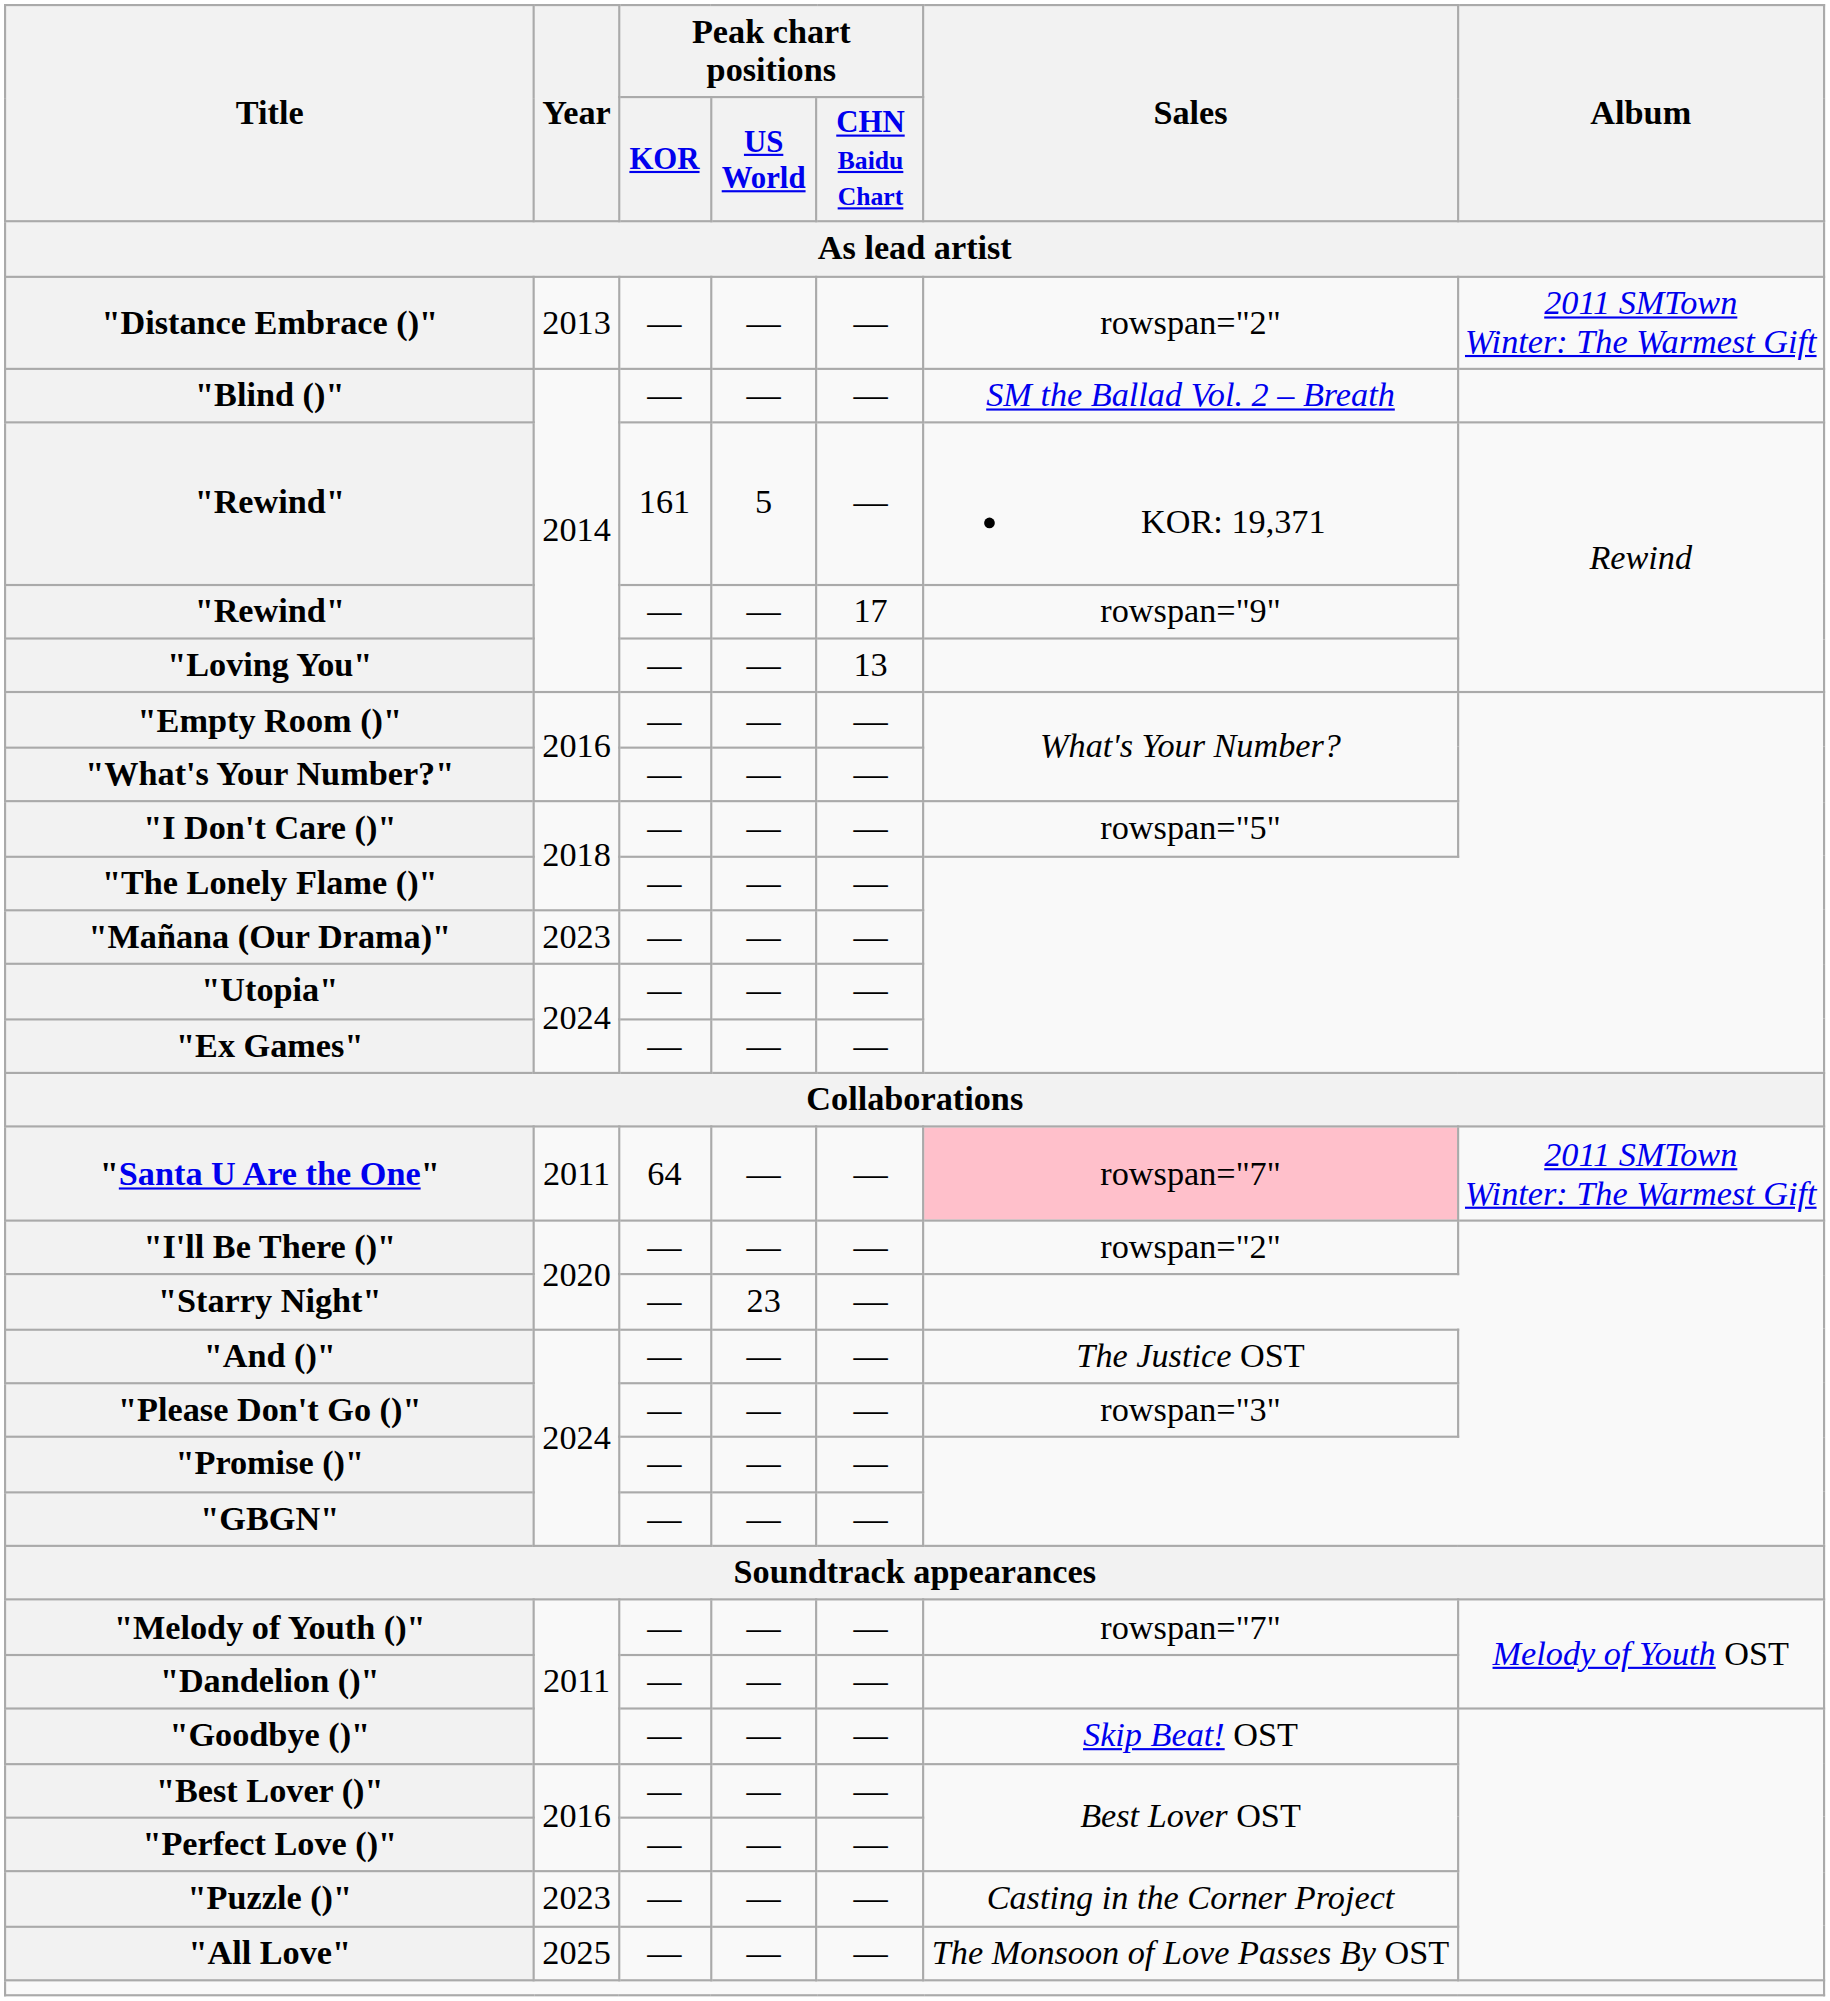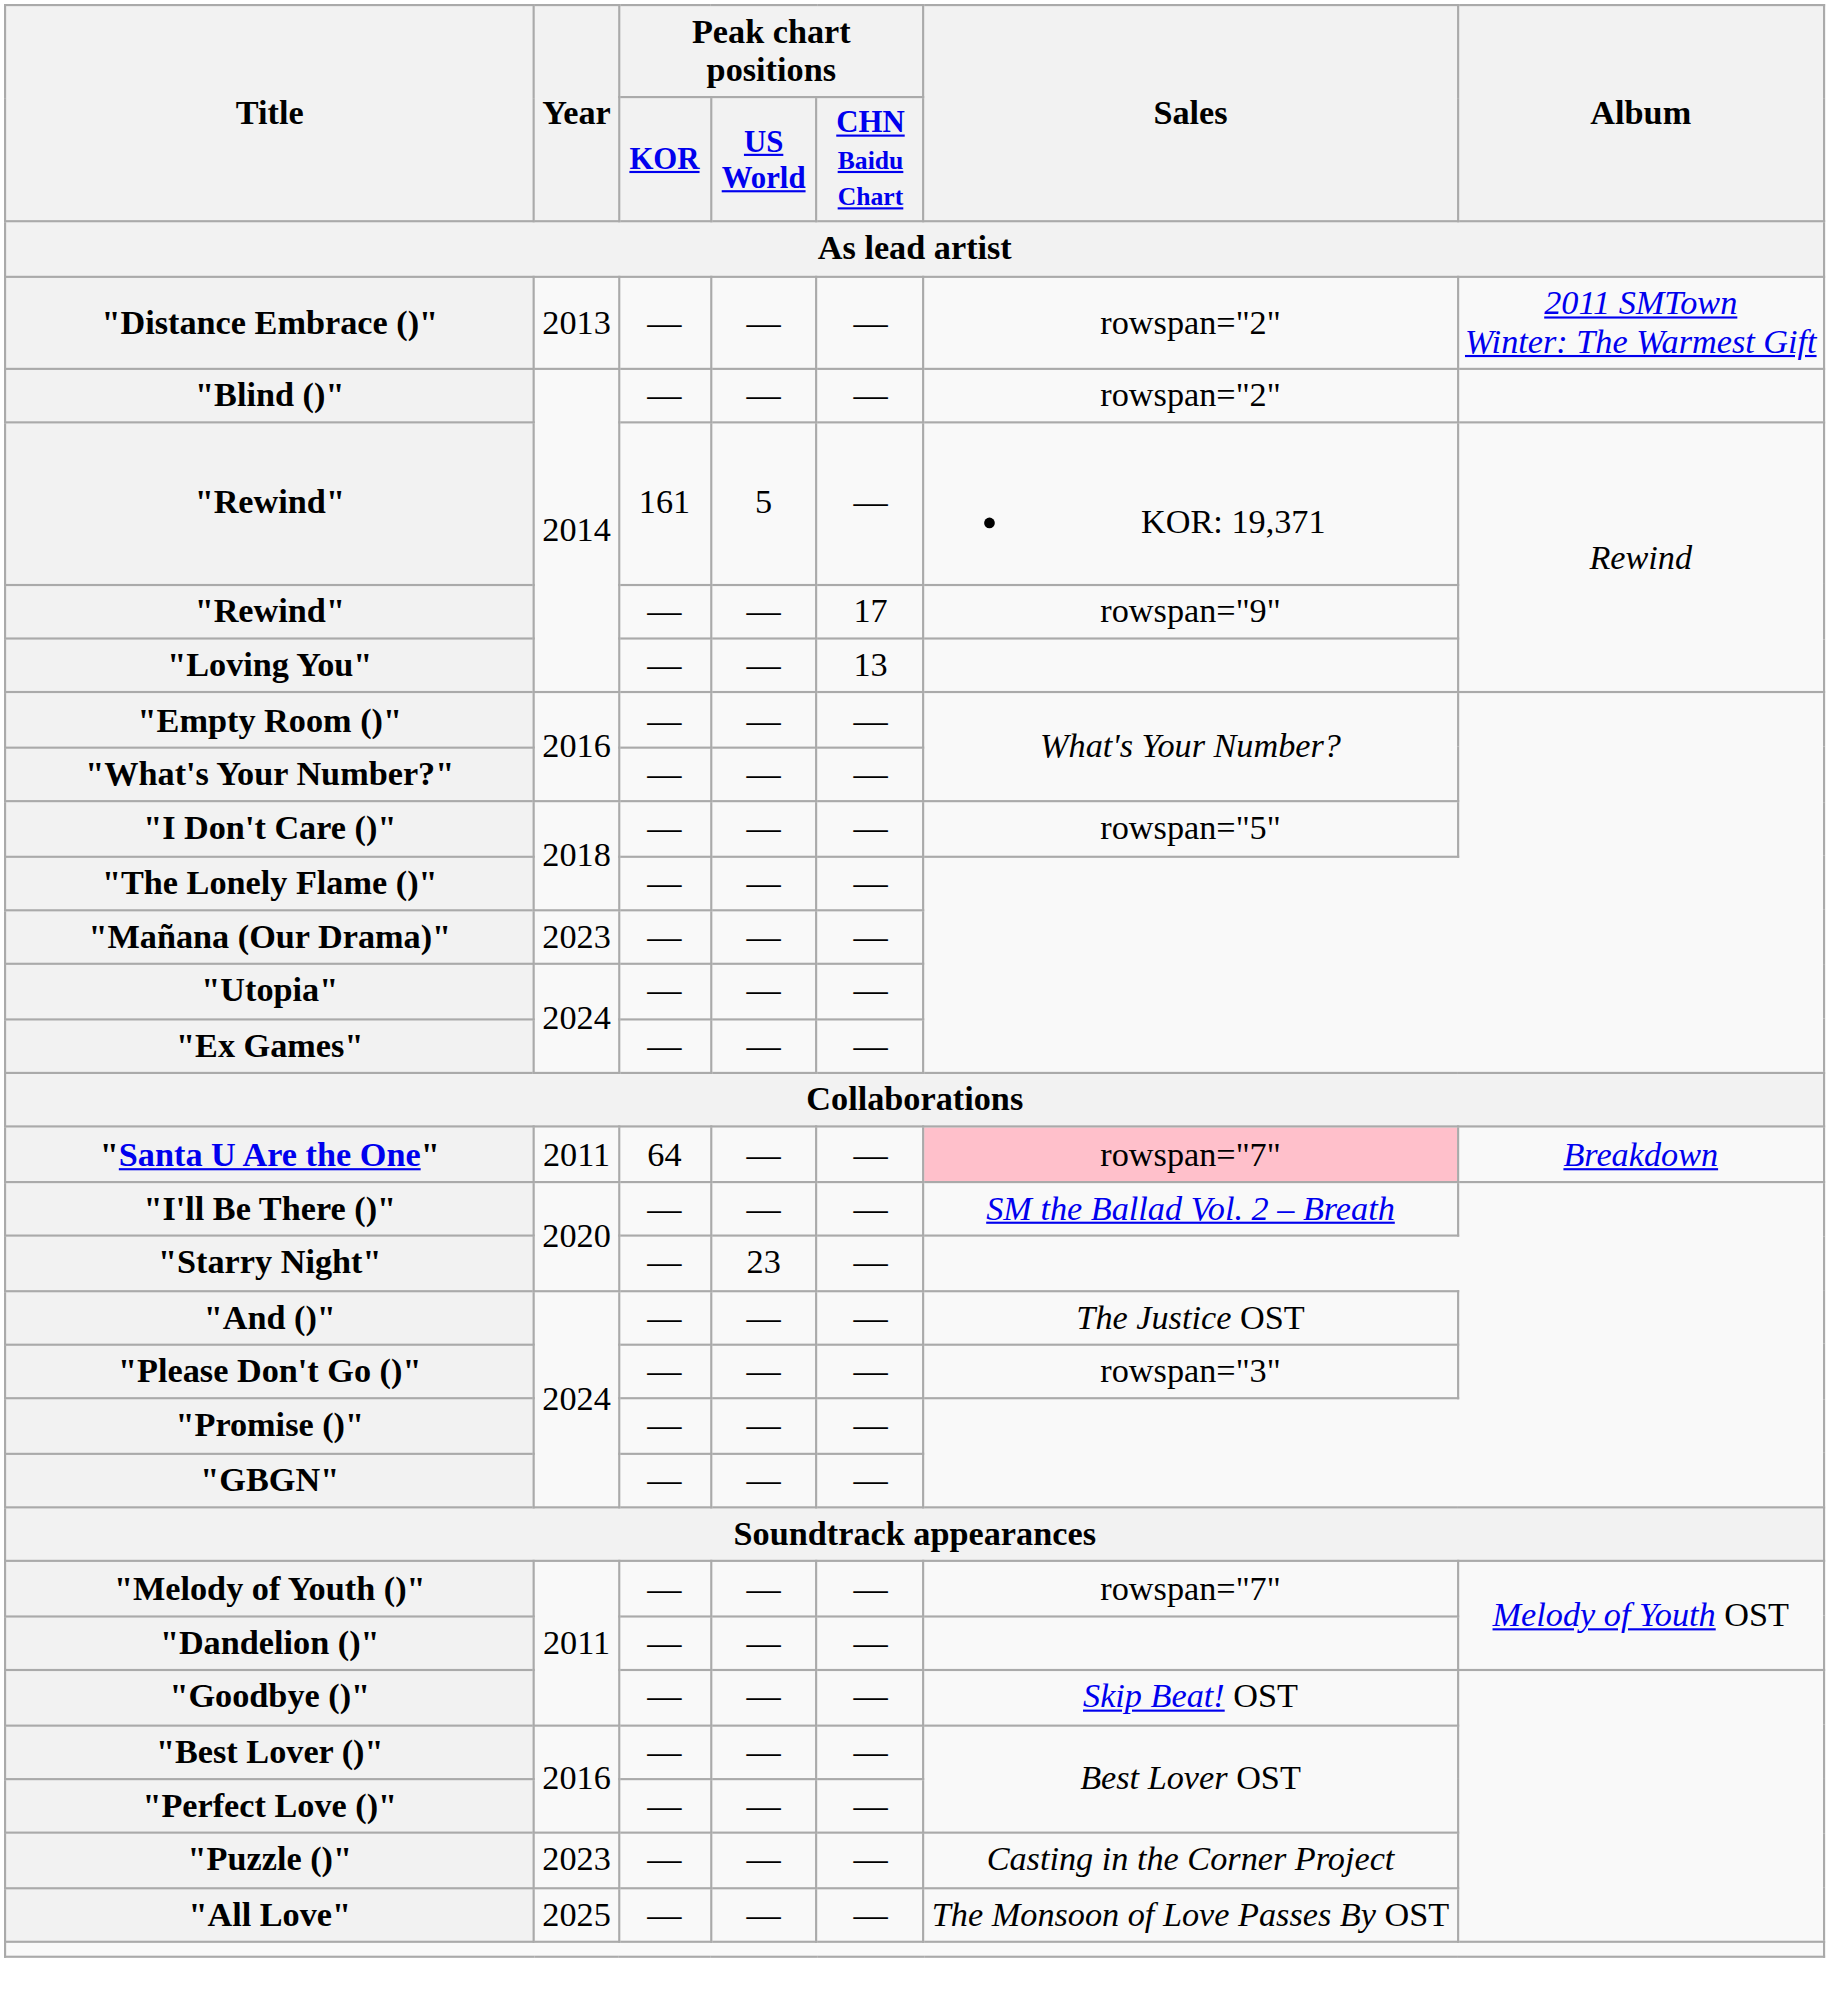 <table class="wikitable plainrowheaders" style="text-align:center;">
 <tr>
 <th rowspan="2" scope="col" style="width:15em;">Title</th>
 <th rowspan="2" scope="col">Year</th>
 <th colspan="3">Peak chart positions</th>
 <th scope="col" rowspan="2">Sales</th>
 <th rowspan="2" scope="col">Album</th>
 </tr>
 <tr>
 <th style="width:2.5em;font-size:90%;"><a href='#'>KOR</a><br></th>
 <th style="width:3em;font-size:90%"><a href='#'>US World</a><br></th>
 <th scope="col" style="width:3em;font-size:90%;"><a href='#'>CHN<br><small>Baidu Chart</small></a><br></th>
 </tr>
 <tr>
 <th colspan="7">As lead artist</th>
 </tr>
 <tr>
 <th scope="row">"Distance Embrace ()"</th>
 <td>2013</td>
 <td>—</td>
 <td>—</td>
 <td>—</td>
 <td>rowspan="2" </td>
 <td><em><a href='#'>2011 SMTown<br>Winter: The Warmest Gift</a></em></td>
 </tr>
 <tr>
 <th scope="row">"Blind ()"</th>
 <td rowspan="4">2014</td>
 <td>—</td>
 <td>—</td>
 <td>—</td>
-<td rowspan="1"><em><a href='#'>SM the Ballad Vol. 2 – Breath</a></em></td>
+<td>rowspan="2" </td>
 </tr>
 <tr>
 <th scope="row">"Rewind"<br></th>
 <td>161</td>
 <td>5</td>
 <td>—</td>
 <td><br><ul><li>KOR: 19,371</li></ul></td>
 <td rowspan="3"><em>Rewind</em></td>
 </tr>
 <tr>
 <th scope="row">"Rewind"<br></th>
 <td>—</td>
 <td>—</td>
 <td>17</td>
 <td>rowspan="9" </td>
 </tr>
 <tr>
 <th scope="row">"Loving You"<br></th>
 <td>—</td>
 <td>—</td>
 <td>13</td>
 </tr>
 <tr>
 <th scope="row">"Empty Room ()"</th>
 <td rowspan="2">2016</td>
 <td>—</td>
 <td>—</td>
 <td>—</td>
 <td rowspan="2"><em>What's Your Number?</em></td>
 </tr>
 <tr>
 <th scope="row">"What's Your Number?"</th>
 <td>—</td>
 <td>—</td>
 <td>—</td>
 </tr>
 <tr>
 <th scope="row">"I Don't Care ()"</th>
 <td rowspan="2">2018</td>
 <td>—</td>
 <td>—</td>
 <td>—</td>
 <td>rowspan="5" </td>
 </tr>
 <tr>
 <th scope="row">"The Lonely Flame ()"</th>
 <td>—</td>
 <td>—</td>
 <td>—</td>
 </tr>
 <tr>
 <th scope="row">"Mañana (Our Drama)"<br></th>
 <td>2023</td>
 <td>—</td>
 <td>—</td>
 <td>—</td>
 </tr>
 <tr>
 <th scope="row">"Utopia"<br></th>
 <td rowspan="2">2024</td>
 <td>—</td>
 <td>—</td>
 <td>—</td>
 </tr>
 <tr>
 <th scope="row">"Ex Games"</th>
 <td>—</td>
 <td>—</td>
 <td>—</td>
 </tr>
 <tr>
 <th colspan="7">Collaborations</th>
 </tr>
 <tr>
 <th scope="row">"<a href='#'>Santa U Are the One</a>"<br></th>
 <td>2011</td>
 <td>64</td>
 <td>—</td>
 <td>—</td>
 <td style="background: pink;">rowspan="7" </td>
-<td><em><a href='#'>2011 SMTown<br>Winter: The Warmest Gift</a></em></td>
+<td rowspan="1"><em><a href='#'>Breakdown</a></em></td>
 </tr>
 <tr>
 <th scope="row">"I'll Be There ()"<br></th>
 <td rowspan="2">2020</td>
 <td>—</td>
 <td>—</td>
 <td>—</td>
-<td>rowspan="2" </td>
+<td rowspan="1"><em><a href='#'>SM the Ballad Vol. 2 – Breath</a></em></td>
 </tr>
 <tr>
 <th scope="row">"Starry Night"<br></th>
 <td>—</td>
 <td>23</td>
 <td>—</td>
 </tr>
 <tr>
 <th scope="row">"And ()"<br></th>
 <td rowspan="4">2024</td>
 <td>—</td>
 <td>—</td>
 <td>—</td>
 <td><em>The Justice</em> OST</td>
 </tr>
 <tr>
 <th scope="row">"Please Don't Go ()"<br></th>
 <td>—</td>
 <td>—</td>
 <td>—</td>
 <td>rowspan="3" </td>
 </tr>
 <tr>
 <th scope="row">"Promise ()"<br></th>
 <td>—</td>
 <td>—</td>
 <td>—</td>
 </tr>
 <tr>
 <th scope="row">"GBGN"<br></th>
 <td>—</td>
 <td>—</td>
 <td>—</td>
 </tr>
 <tr>
 <th colspan="7">Soundtrack appearances</th>
 </tr>
 <tr>
 <th scope=row>"Melody of Youth ()"</th>
 <td rowspan="3">2011</td>
 <td>—</td>
 <td>—</td>
 <td>—</td>
 <td>rowspan="7" </td>
 <td rowspan="2"><em><a href='#'>Melody of Youth</a></em> OST</td>
 </tr>
 <tr>
 <th scope=row>"Dandelion ()"<br></th>
 <td>—</td>
 <td>—</td>
 <td>—</td>
 </tr>
 <tr>
 <th scope=row>"Goodbye ()"</th>
 <td>—</td>
 <td>—</td>
 <td>—</td>
 <td><em><a href='#'>Skip Beat!</a></em> OST</td>
 </tr>
 <tr>
 <th scope=row>"Best Lover ()"<br></th>
 <td rowspan="2">2016</td>
 <td>—</td>
 <td>—</td>
 <td>—</td>
 <td rowspan="2"><em>Best Lover</em> OST</td>
 </tr>
 <tr>
 <th scope=row>"Perfect Love ()"</th>
 <td>—</td>
 <td>—</td>
 <td>—</td>
 </tr>
 <tr>
 <th scope=row>"Puzzle ()"</th>
 <td>2023</td>
 <td>—</td>
 <td>—</td>
 <td>—</td>
 <td><em>Casting in the Corner Project</em></td>
 </tr>
 <tr>
 <th scope=row>"All Love"</th>
 <td>2025</td>
 <td>—</td>
 <td>—</td>
 <td>—</td>
 <td><em>The Monsoon of Love Passes By</em> OST</td>
 </tr>
 <tr>
 <td colspan="7"></td>
 </tr>
 </table>
